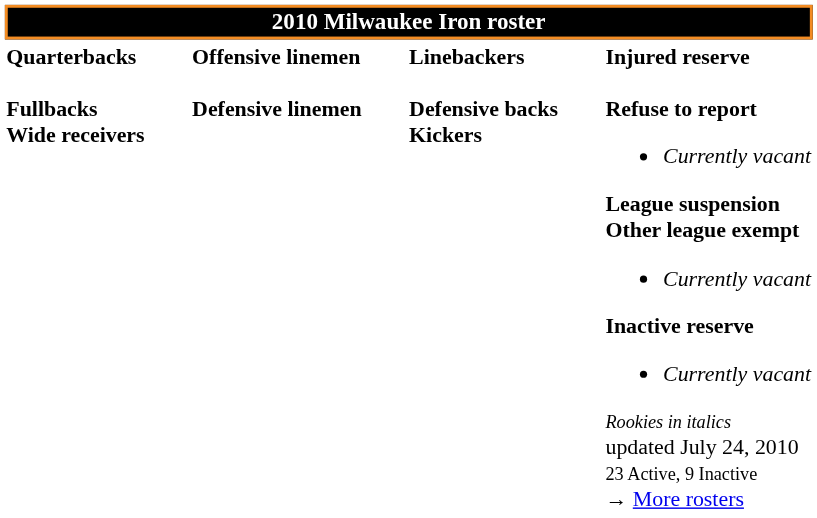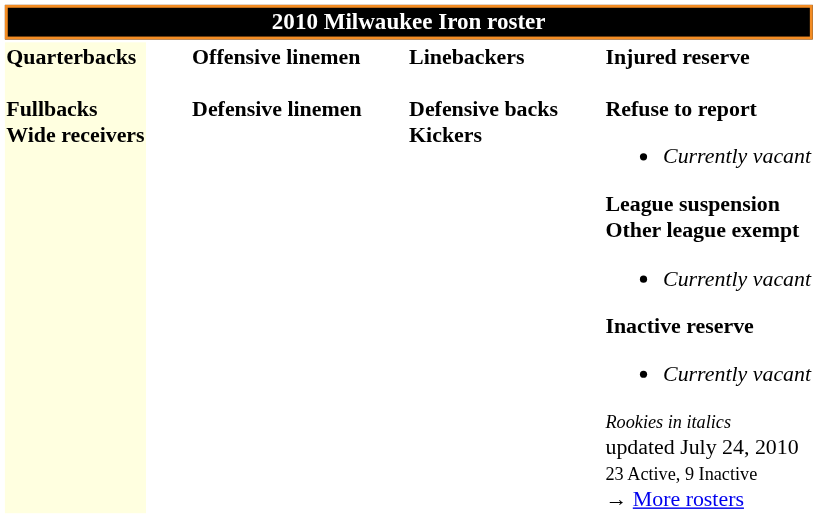 <table class="toccolours" style="text-align: left;">
 <tr>
 <th colspan="7" style="background:black; border:2px solid #F38C23; color:white; text-align:center;"><strong>2010 Milwaukee Iron roster</strong></th>
 </tr>
 <tr>
-<td style="font-size: 95%;" valign="top"><strong>Quarterbacks</strong><br> <br><strong>Fullbacks</strong>  <br><strong>Wide receivers</strong>   </td>
+<td style="background: lightyellow; font-size: 95%;" valign="top"><strong>Quarterbacks</strong><br> <br><strong>Fullbacks</strong>  <br><strong>Wide receivers</strong>   </td>
 <td style="width: 25px;"></td>
 <td style="font-size: 95%;" valign="top"><strong>Offensive linemen</strong><br>   <br><strong>Defensive linemen</strong>     </td>
 <td style="width: 25px;"></td>
 <td style="font-size: 95%;" valign="top"><strong>Linebackers</strong><br> <br><strong>Defensive backs</strong>    <br><strong>Kickers</strong> </td>
 <td style="width: 25px;"></td>
 <td style="font-size: 95%;" valign="top"><strong>Injured reserve</strong><br>       <br><strong>Refuse to report</strong><ul><li><em>Currently vacant</em></li></ul><strong>League suspension</strong> <br><strong>Other league exempt</strong><ul><li><em>Currently vacant</em></li></ul><strong>Inactive reserve</strong><ul><li><em>Currently vacant</em></li></ul><small><em>Rookies in italics</em></small><br>  updated July 24, 2010<br> <small>23 Active, 9 Inactive</small><br>→ <a href='#'>More rosters</a></td>
 </tr>
 <tr>
 </tr>
 </table>
